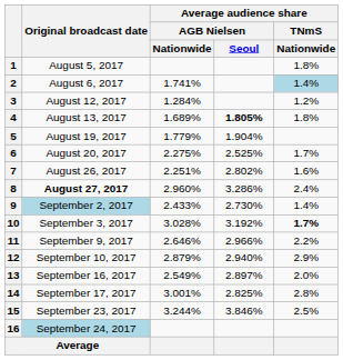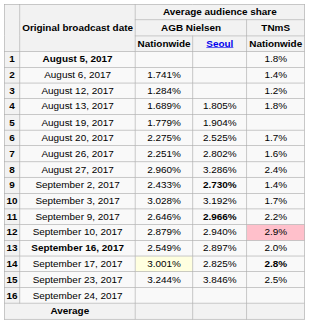 <table class="wikitable" style="text-align:center">
 <tr>
 <th rowspan="3"></th>
 <th rowspan="3">Original broadcast date</th>
 <th colspan="3">Average audience share</th>
 </tr>
 <tr>
 <th colspan=2>AGB Nielsen</th>
 <th>TNmS</th>
 </tr>
 <tr>
 <th width=80>Nationwide</th>
 <th width=80><a href='#'>Seoul</a></th>
 <th width=80>Nationwide</th>
 </tr>
 <tr>
 <th>1</th>
-<td>August 5, 2017</td>
+<td><strong>August 5, 2017</strong></td>
 <td></td>
 <td></td>
 <td>1.8%</td>
 </tr>
 <tr>
 <th>2</th>
 <td>August 6, 2017</td>
 <td>1.741%</td>
 <td></td>
-<td style="background: lightblue;">1.4%</td>
+<td>1.4%</td>
 </tr>
 <tr>
 <th>3</th>
 <td>August 12, 2017</td>
 <td>1.284%</td>
 <td></td>
 <td>1.2%</td>
 </tr>
 <tr>
 <th>4</th>
 <td>August 13, 2017</td>
 <td>1.689%</td>
-<td><strong>1.805%</strong></td>
+<td>1.805%</td>
 <td>1.8%</td>
 </tr>
 <tr>
 <th>5</th>
 <td>August 19, 2017</td>
 <td>1.779%</td>
 <td>1.904%</td>
 <td></td>
 </tr>
 <tr>
 <th>6</th>
 <td>August 20, 2017</td>
 <td>2.275%</td>
 <td>2.525%</td>
 <td>1.7%</td>
 </tr>
 <tr>
 <th>7</th>
 <td>August 26, 2017</td>
 <td>2.251%</td>
 <td>2.802%</td>
 <td>1.6%</td>
 </tr>
 <tr>
 <th>8</th>
-<td><strong>August 27, 2017</strong></td>
+<td>August 27, 2017</td>
 <td>2.960%</td>
 <td>3.286%</td>
 <td>2.4%</td>
 </tr>
 <tr>
 <th>9</th>
-<td style="background: lightblue;">September 2, 2017</td>
+<td>September 2, 2017</td>
 <td>2.433%</td>
-<td>2.730%</td>
+<td><strong>2.730%</strong></td>
 <td>1.4%</td>
 </tr>
 <tr>
 <th>10</th>
 <td>September 3, 2017</td>
 <td>3.028%</td>
 <td>3.192%</td>
-<td><strong>1.7%</strong></td>
+<td>1.7%</td>
 </tr>
 <tr>
 <th>11</th>
 <td>September 9, 2017</td>
 <td>2.646%</td>
-<td>2.966%</td>
+<td><strong>2.966%</strong></td>
 <td>2.2%</td>
 </tr>
 <tr>
 <th>12</th>
 <td>September 10, 2017</td>
 <td>2.879%</td>
 <td>2.940%</td>
-<td>2.9%</td>
+<td style="background: pink;">2.9%</td>
 </tr>
 <tr>
 <th>13</th>
-<td>September 16, 2017</td>
+<td><strong>September 16, 2017</strong></td>
 <td>2.549%</td>
 <td>2.897%</td>
 <td>2.0%</td>
 </tr>
 <tr>
 <th>14</th>
 <td>September 17, 2017</td>
-<td>3.001%</td>
+<td style="background: lightyellow;">3.001%</td>
 <td>2.825%</td>
-<td>2.8%</td>
+<td><strong>2.8%</strong></td>
 </tr>
 <tr>
 <th>15</th>
 <td>September 23, 2017</td>
 <td>3.244%</td>
 <td>3.846%</td>
 <td>2.5%</td>
 </tr>
 <tr>
 <th>16</th>
-<td style="background: lightblue;">September 24, 2017</td>
+<td>September 24, 2017</td>
 <td></td>
 <td></td>
 <td></td>
 </tr>
 <tr>
 <th colspan=2>Average</th>
 <th></th>
 <th></th>
 <th></th>
 </tr>
 </table>
